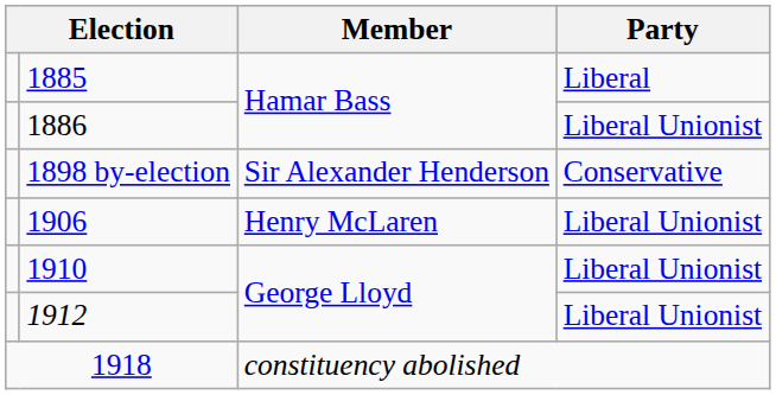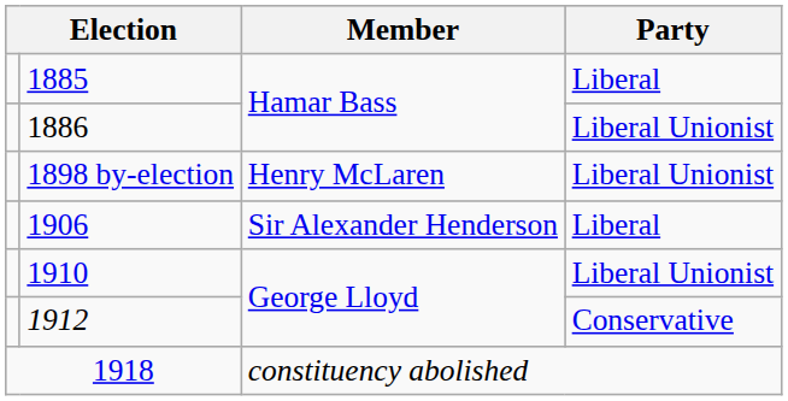 <table class="wikitable">
 <tr>
 <th colspan="2">Election</th>
 <th>Member</th>
 <th>Party</th>
 </tr>
 <tr>
 <td style="color:inherit;background-color: "></td>
 <td><a href='#'>1885</a></td>
 <td rowspan="2"><a href='#'>Hamar Bass</a></td>
 <td><a href='#'>Liberal</a></td>
 </tr>
 <tr>
 <td style="color:inherit;background-color: "></td>
 <td>1886</td>
 <td><a href='#'>Liberal Unionist</a></td>
 </tr>
 <tr>
 <td style="color:inherit;background-color: "></td>
 <td><a href='#'>1898 by-election</a></td>
-<td><a href='#'>Sir Alexander Henderson</a></td>
-<td><a href='#'>Conservative</a></td>
+<td><a href='#'>Henry McLaren</a></td>
+<td><a href='#'>Liberal Unionist</a></td>
 </tr>
 <tr>
 <td style="color:inherit;background-color: "></td>
 <td><a href='#'>1906</a></td>
-<td><a href='#'>Henry McLaren</a></td>
-<td><a href='#'>Liberal Unionist</a></td>
+<td><a href='#'>Sir Alexander Henderson</a></td>
+<td><a href='#'>Liberal</a></td>
 </tr>
 <tr>
 <td style="color:inherit;background-color: "></td>
 <td><a href='#'>1910</a></td>
 <td rowspan="2"><a href='#'>George Lloyd</a></td>
 <td><a href='#'>Liberal Unionist</a></td>
 </tr>
 <tr>
 <td style="color:inherit;background-color: "></td>
 <td><em>1912</em></td>
-<td><a href='#'>Liberal Unionist</a></td>
+<td><a href='#'>Conservative</a></td>
 </tr>
 <tr>
 <td colspan="2" align="center"><a href='#'>1918</a></td>
 <td colspan="2"><em>constituency abolished</em></td>
 </tr>
 </table>
